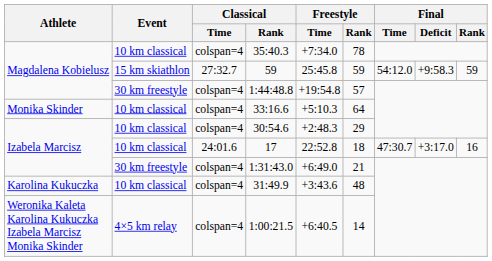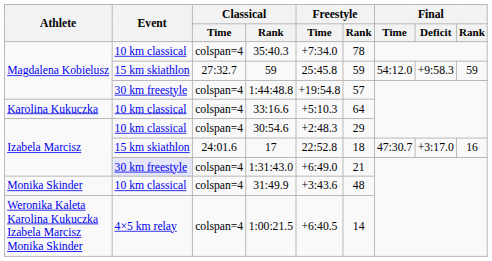 <table class="wikitable" style="font-size:90%; text-align:center">
 <tr>
 <th rowspan=2>Athlete</th>
 <th rowspan=2>Event</th>
 <th colspan=2>Classical</th>
 <th colspan=2>Freestyle</th>
 <th colspan=3>Final</th>
 </tr>
 <tr style="font-size: 95%">
 <th>Time</th>
 <th>Rank</th>
 <th>Time</th>
 <th>Rank</th>
 <th>Time</th>
 <th>Deficit</th>
 <th>Rank</th>
 </tr>
 <tr>
 <td rowspan=3 align=left><a href='#'>Magdalena Kobielusz</a></td>
 <td align=left><a href='#'>10 km classical</a></td>
 <td>colspan=4 </td>
 <td>35:40.3</td>
 <td>+7:34.0</td>
 <td>78</td>
 </tr>
 <tr>
 <td align=left><a href='#'>15 km skiathlon</a></td>
 <td>27:32.7</td>
 <td>59</td>
 <td>25:45.8</td>
 <td>59</td>
 <td>54:12.0</td>
 <td>+9:58.3</td>
 <td>59</td>
 </tr>
 <tr>
 <td align=left><a href='#'>30 km freestyle</a></td>
 <td>colspan=4 </td>
 <td>1:44:48.8</td>
 <td>+19:54.8</td>
 <td>57</td>
 </tr>
 <tr>
-<td align=left><a href='#'>Monika Skinder</a></td>
+<td align=left><a href='#'>Karolina Kukuczka</a></td>
 <td align=left><a href='#'>10 km classical</a></td>
 <td>colspan=4 </td>
 <td>33:16.6</td>
 <td>+5:10.3</td>
 <td>64</td>
 </tr>
 <tr>
 <td rowspan=3 align=left><a href='#'>Izabela Marcisz</a></td>
 <td align=left><a href='#'>10 km classical</a></td>
 <td>colspan=4 </td>
 <td>30:54.6</td>
 <td>+2:48.3</td>
 <td>29</td>
 </tr>
 <tr>
-<td align=left><a href='#'>10 km classical</a></td>
+<td align=left><a href='#'>15 km skiathlon</a></td>
 <td>24:01.6</td>
 <td>17</td>
 <td>22:52.8</td>
 <td>18</td>
 <td>47:30.7</td>
 <td>+3:17.0</td>
 <td>16</td>
 </tr>
 <tr>
-<td align=left><a href='#'>30 km freestyle</a></td>
+<td align=left style="background: lavender;"><a href='#'>30 km freestyle</a></td>
 <td>colspan=4 </td>
 <td>1:31:43.0</td>
 <td>+6:49.0</td>
 <td>21</td>
 </tr>
 <tr>
-<td align=left><a href='#'>Karolina Kukuczka</a></td>
+<td align=left><a href='#'>Monika Skinder</a></td>
 <td align=left><a href='#'>10 km classical</a></td>
 <td>colspan=4 </td>
 <td>31:49.9</td>
 <td>+3:43.6</td>
 <td>48</td>
 </tr>
 <tr>
 <td align=left><a href='#'>Weronika Kaleta</a><br><a href='#'>Karolina Kukuczka</a><br><a href='#'>Izabela Marcisz</a><br><a href='#'>Monika Skinder</a></td>
 <td align=left><a href='#'>4×5 km relay</a></td>
 <td>colspan=4 </td>
 <td>1:00:21.5</td>
 <td>+6:40.5</td>
 <td>14</td>
 </tr>
 </table>
